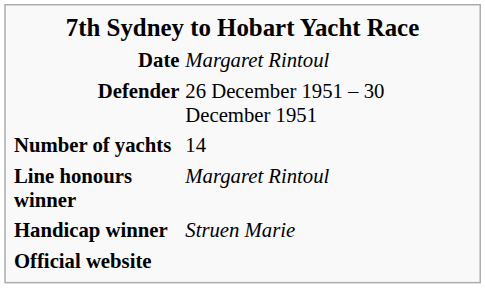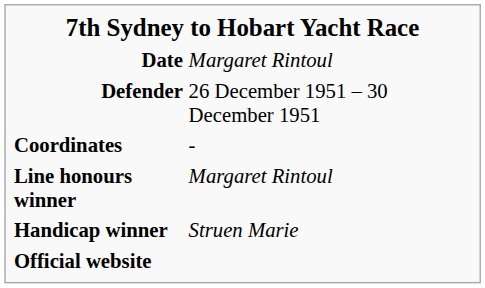 <table class="infobox" style="width: 23em; font-size: 90%">
 <tr>
 <th colspan="2" style="text-align: center; font-size: larger;"><strong>7th Sydney to Hobart Yacht Race</strong></th>
 </tr>
 <tr>
 <td style="text-align: right;"><strong>Date</strong></td>
 <td><em>Margaret Rintoul</em></td>
 </tr>
 <tr>
 <td style="text-align: right;"><strong>Defender</strong></td>
 <td>26 December 1951 – 30 December 1951</td>
 </tr>
 <tr>
-<td><strong>Number of yachts</strong></td>
-<td>14</td>
+<td><strong>Coordinates</strong></td>
+<td>-<br></td>
 </tr>
 <tr>
 <td><strong>Line honours winner</strong></td>
 <td><em>Margaret Rintoul</em></td>
 </tr>
 <tr>
 <td><strong>Handicap winner</strong></td>
 <td><em>Struen Marie</em></td>
 </tr>
 <tr>
 <td><strong>Official website</strong></td>
 <td></td>
 </tr>
 </table>
